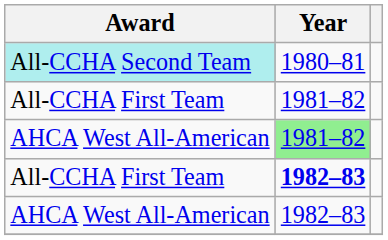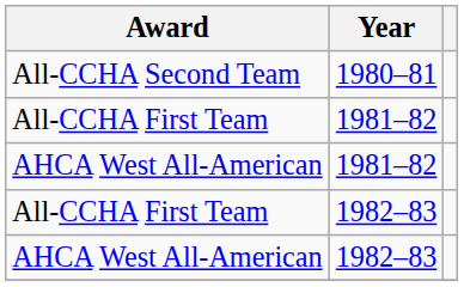 <table class="wikitable">
 <tr>
 <th>Award</th>
 <th>Year</th>
 <th></th>
 </tr>
 <tr>
-<td style="background: paleturquoise;">All-<a href='#'>CCHA</a> <a href='#'>Second Team</a></td>
+<td>All-<a href='#'>CCHA</a> <a href='#'>Second Team</a></td>
 <td><a href='#'>1980–81</a></td>
 <td></td>
 </tr>
 <tr>
 <td>All-<a href='#'>CCHA</a> <a href='#'>First Team</a></td>
 <td><a href='#'>1981–82</a></td>
 <td></td>
 </tr>
 <tr>
 <td><a href='#'>AHCA</a> <a href='#'>West All-American</a></td>
-<td style="background: lightgreen;"><a href='#'>1981–82</a></td>
+<td><a href='#'>1981–82</a></td>
 <td></td>
 </tr>
 <tr>
 <td>All-<a href='#'>CCHA</a> <a href='#'>First Team</a></td>
-<td><strong><a href='#'>1982–83</a></strong></td>
+<td><a href='#'>1982–83</a></td>
 <td></td>
 </tr>
 <tr>
 <td><a href='#'>AHCA</a> <a href='#'>West All-American</a></td>
 <td><a href='#'>1982–83</a></td>
 <td></td>
 </tr>
 <tr>
 </tr>
 </table>
